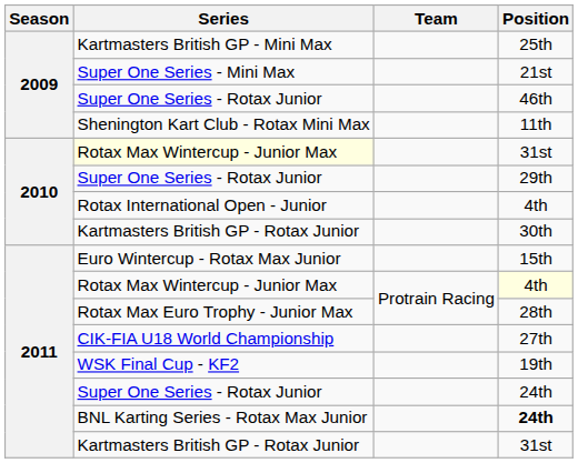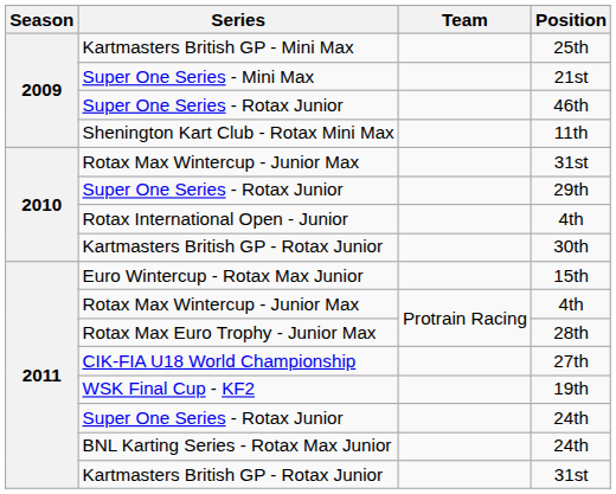 <table class="wikitable" style="font-size: 85%; text-align:center">
 <tr>
 <th>Season</th>
 <th>Series</th>
 <th>Team</th>
 <th>Position</th>
 </tr>
 <tr>
 <th rowspan="4">2009</th>
 <td align="left">Kartmasters British GP - Mini Max</td>
 <td align="left"></td>
 <td>25th</td>
 </tr>
 <tr>
 <td align="left"><a href='#'>Super One Series</a> - Mini Max</td>
 <td align="left"></td>
 <td>21st</td>
 </tr>
 <tr>
 <td align="left"><a href='#'>Super One Series</a> - Rotax Junior</td>
 <td align="left"></td>
 <td>46th</td>
 </tr>
 <tr>
 <td align="left">Shenington Kart Club - Rotax Mini Max</td>
 <td align="left"></td>
 <td>11th</td>
 </tr>
 <tr>
 <th rowspan="4">2010</th>
-<td align="left" style="background: lightyellow;">Rotax Max Wintercup - Junior Max</td>
+<td align="left">Rotax Max Wintercup - Junior Max</td>
 <td align="left"></td>
 <td>31st</td>
 </tr>
 <tr>
 <td align="left"><a href='#'>Super One Series</a> - Rotax Junior</td>
 <td align="left"></td>
 <td>29th</td>
 </tr>
 <tr>
 <td align="left">Rotax International Open - Junior</td>
 <td align="left"></td>
 <td>4th</td>
 </tr>
 <tr>
 <td align="left">Kartmasters British GP - Rotax Junior</td>
 <td align="left"></td>
 <td>30th</td>
 </tr>
 <tr>
 <th rowspan="8">2011</th>
 <td align="left">Euro Wintercup - Rotax Max Junior</td>
 <td align="left"></td>
 <td>15th</td>
 </tr>
 <tr>
 <td align="left">Rotax Max Wintercup - Junior Max</td>
 <td rowspan="2" align="left">Protrain Racing</td>
-<td style="background: lightyellow;">4th</td>
+<td>4th</td>
 </tr>
 <tr>
 <td align="left">Rotax Max Euro Trophy - Junior Max</td>
 <td>28th</td>
 </tr>
 <tr>
 <td align="left"><a href='#'>CIK-FIA U18 World Championship</a></td>
 <td align="left"></td>
 <td>27th</td>
 </tr>
 <tr>
 <td align="left"><a href='#'>WSK Final Cup</a> - <a href='#'>KF2</a></td>
 <td align="left"></td>
 <td>19th</td>
 </tr>
 <tr>
 <td align="left"><a href='#'>Super One Series</a> - Rotax Junior</td>
 <td align="left"></td>
 <td>24th</td>
 </tr>
 <tr>
 <td align="left">BNL Karting Series - Rotax Max Junior</td>
 <td align="left"></td>
-<td><strong>24th</strong></td>
+<td>24th</td>
 </tr>
 <tr>
 <td align="left">Kartmasters British GP - Rotax Junior</td>
 <td align="left"></td>
 <td>31st</td>
 </tr>
 </table>
